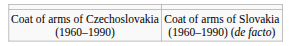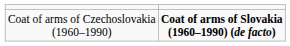 <table class="wikitable" style="margin:1em auto; text-align:center;">
 <tr>
 <td></td>
 <td></td>
 </tr>
 <tr>
 <td>Coat of arms of Czechoslovakia<br>(1960–1990)</td>
-<td>Coat of arms of Slovakia<br>(1960–1990) (<em>de facto</em>)</td>
+<td><strong>Coat of arms of Slovakia<br>(1960–1990) (<em>de facto</em>)</strong></td>
 </tr>
 </table>
